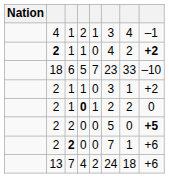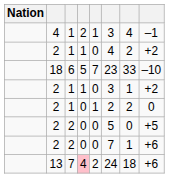 <table class="wikitable sortable" style="text-align:center;">
 <tr>
 <th>Nation</th>
 <th></th>
 <th></th>
 <th></th>
 <th></th>
 <th></th>
 <th></th>
 <th></th>
 </tr>
 <tr>
 <td style="text-align:left;"></td>
 <td>4</td>
 <td>1</td>
 <td>2</td>
 <td>1</td>
 <td>3</td>
 <td>4</td>
 <td>–1</td>
 </tr>
 <tr>
 <td style="text-align:left;"></td>
-<td><strong>2</strong></td>
+<td>2</td>
 <td>1</td>
 <td>1</td>
 <td>0</td>
 <td>4</td>
 <td>2</td>
-<td><strong>+2</strong></td>
+<td>+2</td>
 </tr>
 <tr>
 <td style="text-align:left;"></td>
 <td>18</td>
 <td>6</td>
 <td>5</td>
 <td>7</td>
 <td>23</td>
 <td>33</td>
 <td>–10</td>
 </tr>
 <tr>
 <td style="text-align:left;"></td>
 <td>2</td>
 <td>1</td>
 <td>1</td>
 <td>0</td>
 <td>3</td>
 <td>1</td>
 <td>+2</td>
 </tr>
 <tr>
 <td style="text-align:left;"></td>
 <td>2</td>
 <td>1</td>
-<td><strong>0</strong></td>
+<td>0</td>
 <td>1</td>
 <td>2</td>
 <td>2</td>
 <td>0</td>
 </tr>
 <tr>
 <td style="text-align:left;"></td>
 <td>2</td>
 <td>2</td>
 <td>0</td>
 <td>0</td>
 <td>5</td>
 <td>0</td>
-<td><strong>+5</strong></td>
+<td>+5</td>
 </tr>
 <tr>
 <td style="text-align:left;"></td>
 <td>2</td>
-<td><strong>2</strong></td>
+<td>2</td>
 <td>0</td>
 <td>0</td>
 <td>7</td>
 <td>1</td>
 <td>+6</td>
 </tr>
 <tr>
 <td style="text-align:left;"></td>
 <td>13</td>
 <td>7</td>
-<td>4</td>
+<td style="background: pink;">4</td>
 <td>2</td>
 <td>24</td>
 <td>18</td>
 <td>+6</td>
 </tr>
 </table>
